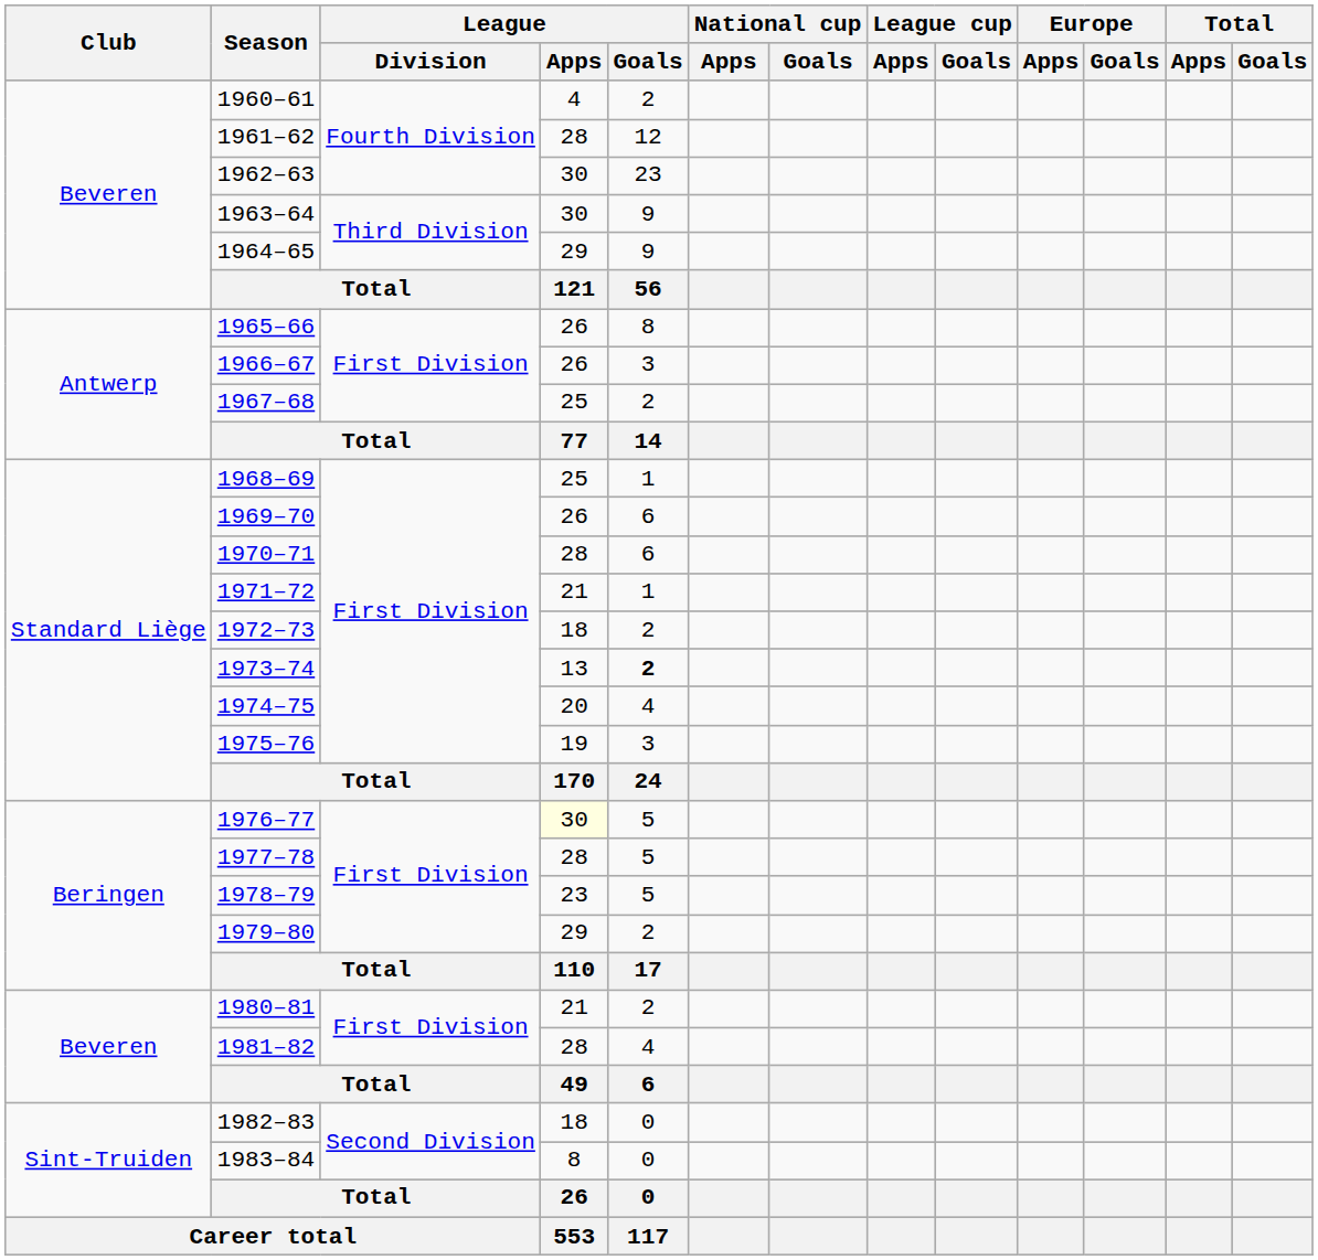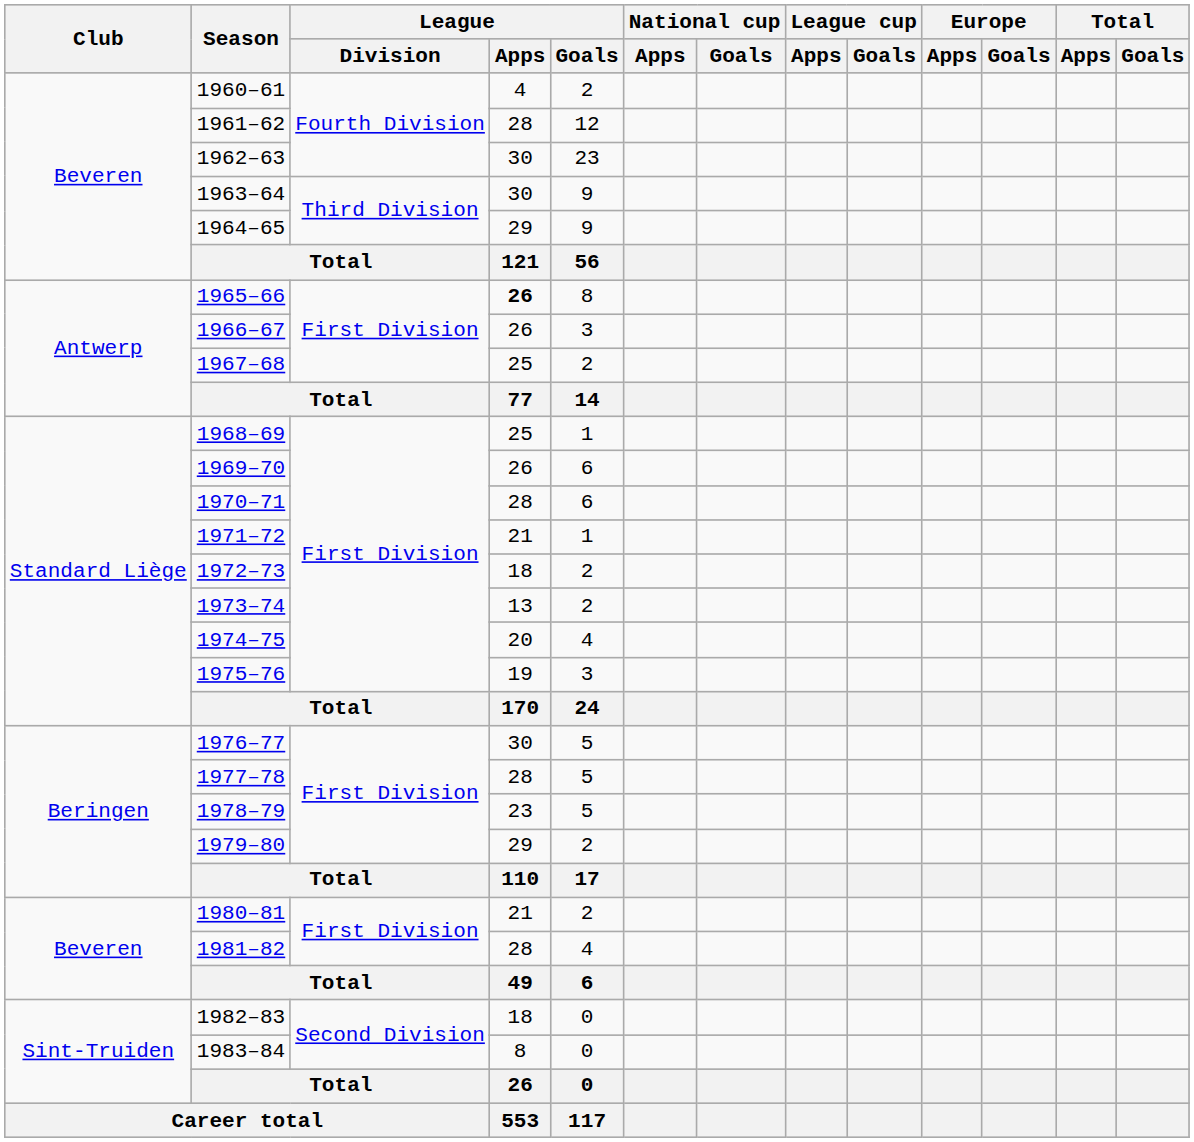 <table class="wikitable" style="text-align:center">
 <tr>
 <th rowspan="2">Club</th>
 <th rowspan="2">Season</th>
 <th colspan="3">League</th>
 <th colspan="2">National cup</th>
 <th colspan="2">League cup</th>
 <th colspan="2">Europe</th>
 <th colspan="2">Total</th>
 </tr>
 <tr>
 <th>Division</th>
 <th>Apps</th>
 <th>Goals</th>
 <th>Apps</th>
 <th>Goals</th>
 <th>Apps</th>
 <th>Goals</th>
 <th>Apps</th>
 <th>Goals</th>
 <th>Apps</th>
 <th>Goals</th>
 </tr>
 <tr>
 <td rowspan="6"><a href='#'>Beveren</a></td>
 <td>1960–61</td>
 <td rowspan="3"><a href='#'>Fourth Division</a></td>
 <td>4</td>
 <td>2</td>
 <td></td>
 <td></td>
 <td></td>
 <td></td>
 <td></td>
 <td></td>
 <td></td>
 <td></td>
 </tr>
 <tr>
 <td>1961–62</td>
 <td>28</td>
 <td>12</td>
 <td></td>
 <td></td>
 <td></td>
 <td></td>
 <td></td>
 <td></td>
 <td></td>
 <td></td>
 </tr>
 <tr>
 <td>1962–63</td>
 <td>30</td>
 <td>23</td>
 <td></td>
 <td></td>
 <td></td>
 <td></td>
 <td></td>
 <td></td>
 <td></td>
 <td></td>
 </tr>
 <tr>
 <td>1963–64</td>
 <td rowspan="2"><a href='#'>Third Division</a></td>
 <td>30</td>
 <td>9</td>
 <td></td>
 <td></td>
 <td></td>
 <td></td>
 <td></td>
 <td></td>
 <td></td>
 <td></td>
 </tr>
 <tr>
 <td>1964–65</td>
 <td>29</td>
 <td>9</td>
 <td></td>
 <td></td>
 <td></td>
 <td></td>
 <td></td>
 <td></td>
 <td></td>
 <td></td>
 </tr>
 <tr>
 <th colspan="2">Total</th>
 <th>121</th>
 <th>56</th>
 <th></th>
 <th></th>
 <th></th>
 <th></th>
 <th></th>
 <th></th>
 <th></th>
 <th></th>
 </tr>
 <tr>
 <td rowspan="4"><a href='#'>Antwerp</a></td>
 <td><a href='#'>1965–66</a></td>
 <td rowspan="3"><a href='#'>First Division</a></td>
-<td>26</td>
+<td><strong>26</strong></td>
 <td>8</td>
 <td></td>
 <td></td>
 <td></td>
 <td></td>
 <td></td>
 <td></td>
 <td></td>
 <td></td>
 </tr>
 <tr>
 <td><a href='#'>1966–67</a></td>
 <td>26</td>
 <td>3</td>
 <td></td>
 <td></td>
 <td></td>
 <td></td>
 <td></td>
 <td></td>
 <td></td>
 <td></td>
 </tr>
 <tr>
 <td><a href='#'>1967–68</a></td>
 <td>25</td>
 <td>2</td>
 <td></td>
 <td></td>
 <td></td>
 <td></td>
 <td></td>
 <td></td>
 <td></td>
 <td></td>
 </tr>
 <tr>
 <th colspan="2">Total</th>
 <th>77</th>
 <th>14</th>
 <th></th>
 <th></th>
 <th></th>
 <th></th>
 <th></th>
 <th></th>
 <th></th>
 <th></th>
 </tr>
 <tr>
 <td rowspan="9"><a href='#'>Standard Liège</a></td>
 <td><a href='#'>1968–69</a></td>
 <td rowspan="8"><a href='#'>First Division</a></td>
 <td>25</td>
 <td>1</td>
 <td></td>
 <td></td>
 <td></td>
 <td></td>
 <td></td>
 <td></td>
 <td></td>
 <td></td>
 </tr>
 <tr>
 <td><a href='#'>1969–70</a></td>
 <td>26</td>
 <td>6</td>
 <td></td>
 <td></td>
 <td></td>
 <td></td>
 <td></td>
 <td></td>
 <td></td>
 <td></td>
 </tr>
 <tr>
 <td><a href='#'>1970–71</a></td>
 <td>28</td>
 <td>6</td>
 <td></td>
 <td></td>
 <td></td>
 <td></td>
 <td></td>
 <td></td>
 <td></td>
 <td></td>
 </tr>
 <tr>
 <td><a href='#'>1971–72</a></td>
 <td>21</td>
 <td>1</td>
 <td></td>
 <td></td>
 <td></td>
 <td></td>
 <td></td>
 <td></td>
 <td></td>
 <td></td>
 </tr>
 <tr>
 <td><a href='#'>1972–73</a></td>
 <td>18</td>
 <td>2</td>
 <td></td>
 <td></td>
 <td></td>
 <td></td>
 <td></td>
 <td></td>
 <td></td>
 <td></td>
 </tr>
 <tr>
 <td><a href='#'>1973–74</a></td>
 <td>13</td>
-<td><strong>2</strong></td>
+<td>2</td>
 <td></td>
 <td></td>
 <td></td>
 <td></td>
 <td></td>
 <td></td>
 <td></td>
 <td></td>
 </tr>
 <tr>
 <td><a href='#'>1974–75</a></td>
 <td>20</td>
 <td>4</td>
 <td></td>
 <td></td>
 <td></td>
 <td></td>
 <td></td>
 <td></td>
 <td></td>
 <td></td>
 </tr>
 <tr>
 <td><a href='#'>1975–76</a></td>
 <td>19</td>
 <td>3</td>
 <td></td>
 <td></td>
 <td></td>
 <td></td>
 <td></td>
 <td></td>
 <td></td>
 <td></td>
 </tr>
 <tr>
 <th colspan="2">Total</th>
 <th>170</th>
 <th>24</th>
 <th></th>
 <th></th>
 <th></th>
 <th></th>
 <th></th>
 <th></th>
 <th></th>
 <th></th>
 </tr>
 <tr>
 <td rowspan="5"><a href='#'>Beringen</a></td>
 <td><a href='#'>1976–77</a></td>
 <td rowspan="4"><a href='#'>First Division</a></td>
-<td style="background: lightyellow;">30</td>
+<td>30</td>
 <td>5</td>
 <td></td>
 <td></td>
 <td></td>
 <td></td>
 <td></td>
 <td></td>
 <td></td>
 <td></td>
 </tr>
 <tr>
 <td><a href='#'>1977–78</a></td>
 <td>28</td>
 <td>5</td>
 <td></td>
 <td></td>
 <td></td>
 <td></td>
 <td></td>
 <td></td>
 <td></td>
 <td></td>
 </tr>
 <tr>
 <td><a href='#'>1978–79</a></td>
 <td>23</td>
 <td>5</td>
 <td></td>
 <td></td>
 <td></td>
 <td></td>
 <td></td>
 <td></td>
 <td></td>
 <td></td>
 </tr>
 <tr>
 <td><a href='#'>1979–80</a></td>
 <td>29</td>
 <td>2</td>
 <td></td>
 <td></td>
 <td></td>
 <td></td>
 <td></td>
 <td></td>
 <td></td>
 <td></td>
 </tr>
 <tr>
 <th colspan="2">Total</th>
 <th>110</th>
 <th>17</th>
 <th></th>
 <th></th>
 <th></th>
 <th></th>
 <th></th>
 <th></th>
 <th></th>
 <th></th>
 </tr>
 <tr>
 <td rowspan="3"><a href='#'>Beveren</a></td>
 <td><a href='#'>1980–81</a></td>
 <td rowspan="2"><a href='#'>First Division</a></td>
 <td>21</td>
 <td>2</td>
 <td></td>
 <td></td>
 <td></td>
 <td></td>
 <td></td>
 <td></td>
 <td></td>
 <td></td>
 </tr>
 <tr>
 <td><a href='#'>1981–82</a></td>
 <td>28</td>
 <td>4</td>
 <td></td>
 <td></td>
 <td></td>
 <td></td>
 <td></td>
 <td></td>
 <td></td>
 <td></td>
 </tr>
 <tr>
 <th colspan="2">Total</th>
 <th>49</th>
 <th>6</th>
 <th></th>
 <th></th>
 <th></th>
 <th></th>
 <th></th>
 <th></th>
 <th></th>
 <th></th>
 </tr>
 <tr>
 <td rowspan="3"><a href='#'>Sint-Truiden</a></td>
 <td>1982–83</td>
 <td rowspan="2"><a href='#'>Second Division</a></td>
 <td>18</td>
 <td>0</td>
 <td></td>
 <td></td>
 <td></td>
 <td></td>
 <td></td>
 <td></td>
 <td></td>
 <td></td>
 </tr>
 <tr>
 <td>1983–84</td>
 <td>8</td>
 <td>0</td>
 <td></td>
 <td></td>
 <td></td>
 <td></td>
 <td></td>
 <td></td>
 <td></td>
 <td></td>
 </tr>
 <tr>
 <th colspan="2">Total</th>
 <th>26</th>
 <th>0</th>
 <th></th>
 <th></th>
 <th></th>
 <th></th>
 <th></th>
 <th></th>
 <th></th>
 <th></th>
 </tr>
 <tr>
 <th colspan="3">Career total</th>
 <th>553</th>
 <th>117</th>
 <th></th>
 <th></th>
 <th></th>
 <th></th>
 <th></th>
 <th></th>
 <th></th>
 <th></th>
 </tr>
 </table>
